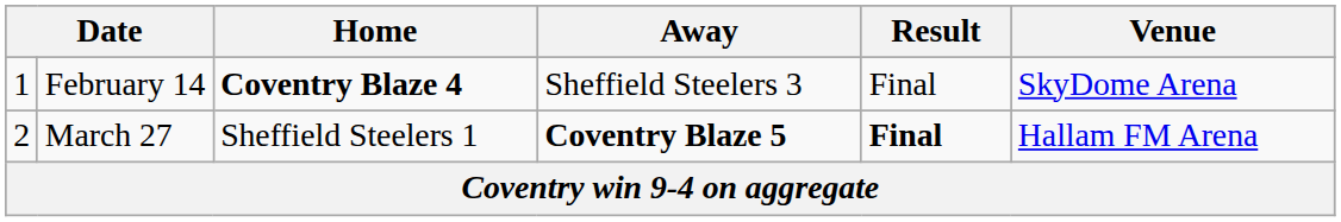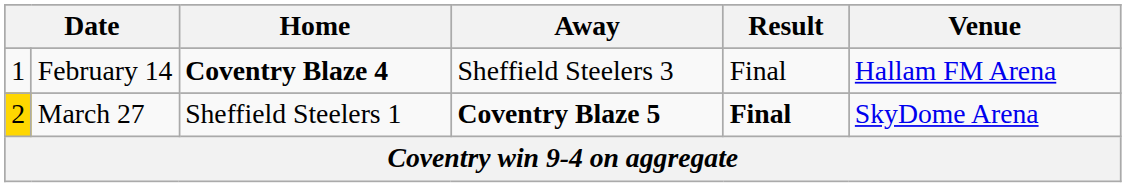 <table class="wikitable">
 <tr>
 <th colspan=2 width=75>Date</th>
 <th width=150>Home</th>
 <th width=150>Away</th>
 <th width=65>Result</th>
 <th width=150>Venue</th>
 </tr>
 <tr>
 <td>1</td>
 <td>February 14</td>
 <td><strong>Coventry Blaze 4</strong></td>
 <td>Sheffield Steelers 3</td>
 <td>Final</td>
-<td><a href='#'>SkyDome Arena</a></td>
+<td><a href='#'>Hallam FM Arena</a></td>
 </tr>
 <tr>
-<td>2</td>
+<td style="background: gold;">2</td>
 <td>March 27</td>
 <td>Sheffield Steelers 1</td>
 <td><strong>Coventry Blaze 5</strong></td>
 <td><strong>Final</strong></td>
-<td><a href='#'>Hallam FM Arena</a></td>
+<td><a href='#'>SkyDome Arena</a></td>
 </tr>
 <tr>
 <th colspan=8><strong><em>Coventry win 9-4 on aggregate</em></strong></th>
 </tr>
 </table>
